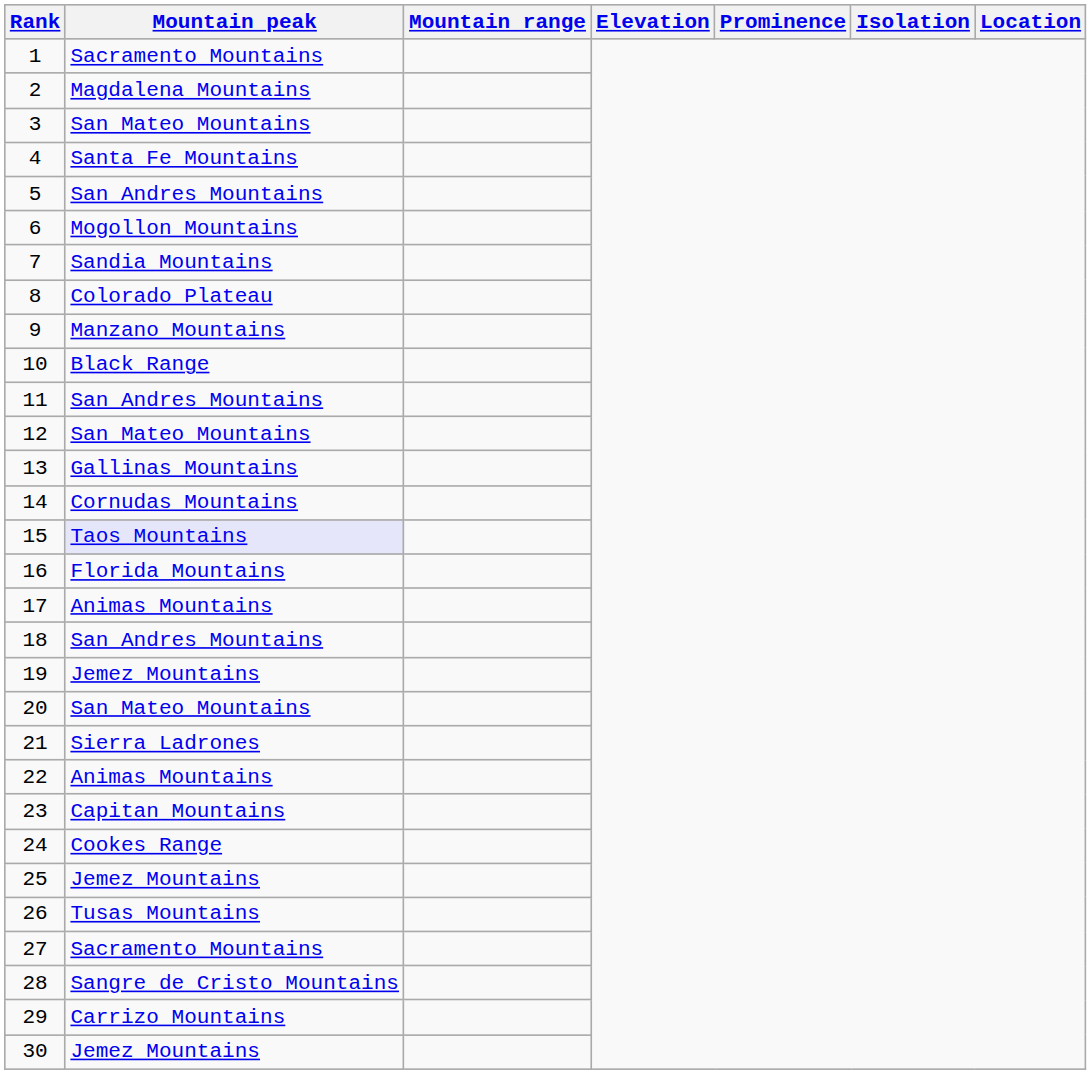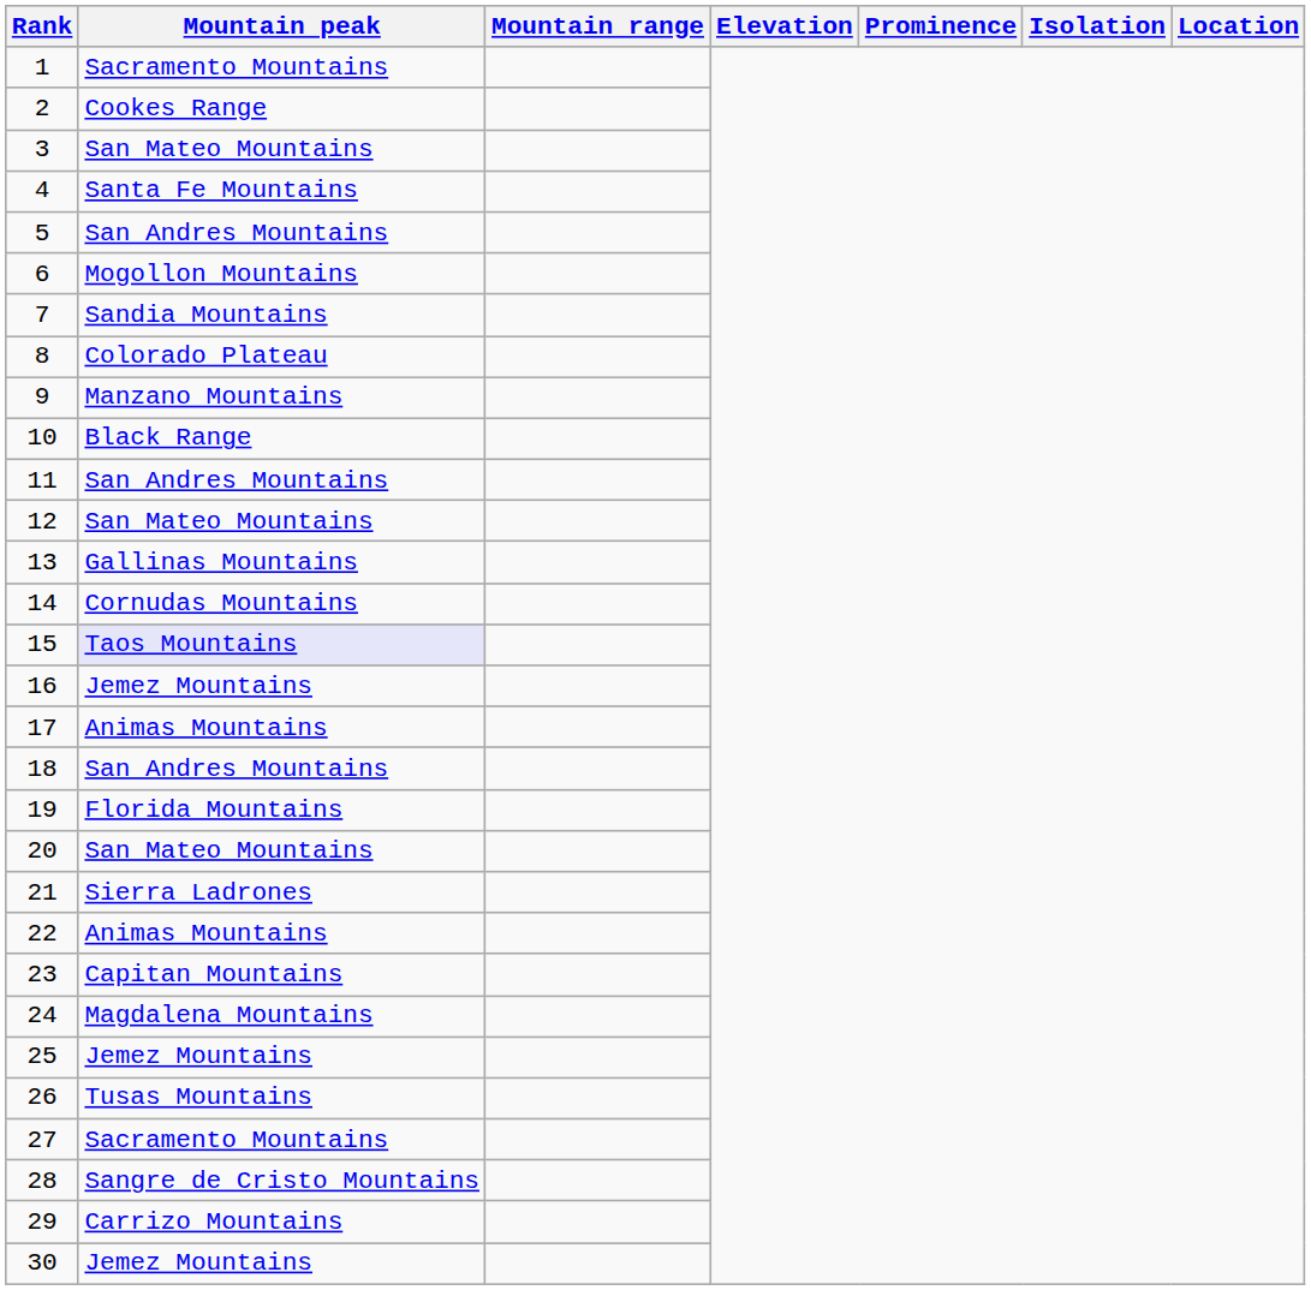 <table class="wikitable sortable">
 <tr>
 <th><a href='#'>Rank</a></th>
 <th><a href='#'>Mountain peak</a></th>
 <th><a href='#'>Mountain range</a></th>
 <th><a href='#'>Elevation</a></th>
 <th><a href='#'>Prominence</a></th>
 <th><a href='#'>Isolation</a></th>
 <th><a href='#'>Location</a></th>
 </tr>
 <tr>
 <td align=center>1<br></td>
 <td><a href='#'>Sacramento Mountains</a><br></td>
 <td></td>
 </tr>
 <tr>
 <td align=center>2<br></td>
-<td><a href='#'>Magdalena Mountains</a><br></td>
+<td><a href='#'>Cookes Range</a><br></td>
 <td></td>
 </tr>
 <tr>
 <td align=center>3<br></td>
 <td><a href='#'>San Mateo Mountains</a><br></td>
 <td></td>
 </tr>
 <tr>
 <td align=center>4<br></td>
 <td><a href='#'>Santa Fe Mountains</a><br></td>
 <td></td>
 </tr>
 <tr>
 <td align=center>5<br></td>
 <td><a href='#'>San Andres Mountains</a><br></td>
 <td></td>
 </tr>
 <tr>
 <td align=center>6<br></td>
 <td><a href='#'>Mogollon Mountains</a><br></td>
 <td></td>
 </tr>
 <tr>
 <td align=center>7<br></td>
 <td><a href='#'>Sandia Mountains</a><br></td>
 <td></td>
 </tr>
 <tr>
 <td align=center>8<br></td>
 <td><a href='#'>Colorado Plateau</a><br></td>
 <td></td>
 </tr>
 <tr>
 <td align=center>9<br></td>
 <td><a href='#'>Manzano Mountains</a><br></td>
 <td></td>
 </tr>
 <tr>
 <td align=center>10<br></td>
 <td><a href='#'>Black Range</a><br></td>
 <td></td>
 </tr>
 <tr>
 <td align=center>11<br></td>
 <td><a href='#'>San Andres Mountains</a><br></td>
 <td></td>
 </tr>
 <tr>
 <td align=center>12<br></td>
 <td><a href='#'>San Mateo Mountains</a><br></td>
 <td></td>
 </tr>
 <tr>
 <td align=center>13<br></td>
 <td><a href='#'>Gallinas Mountains</a><br></td>
 <td></td>
 </tr>
 <tr>
 <td align=center>14<br></td>
 <td><a href='#'>Cornudas Mountains</a><br></td>
 <td></td>
 </tr>
 <tr>
 <td align=center>15<br></td>
 <td style="background: lavender;"><a href='#'>Taos Mountains</a><br></td>
 <td></td>
 </tr>
 <tr>
 <td align=center>16<br></td>
-<td><a href='#'>Florida Mountains</a><br></td>
+<td><a href='#'>Jemez Mountains</a><br></td>
 <td></td>
 </tr>
 <tr>
 <td align=center>17<br></td>
 <td><a href='#'>Animas Mountains</a><br></td>
 <td></td>
 </tr>
 <tr>
 <td align=center>18<br></td>
 <td><a href='#'>San Andres Mountains</a><br></td>
 <td></td>
 </tr>
 <tr>
 <td align=center>19<br></td>
-<td><a href='#'>Jemez Mountains</a><br></td>
+<td><a href='#'>Florida Mountains</a><br></td>
 <td></td>
 </tr>
 <tr>
 <td align=center>20<br></td>
 <td><a href='#'>San Mateo Mountains</a><br></td>
 <td></td>
 </tr>
 <tr>
 <td align=center>21<br></td>
 <td><a href='#'>Sierra Ladrones</a><br></td>
 <td></td>
 </tr>
 <tr>
 <td align=center>22<br></td>
 <td><a href='#'>Animas Mountains</a><br></td>
 <td></td>
 </tr>
 <tr>
 <td align=center>23<br></td>
 <td><a href='#'>Capitan Mountains</a><br></td>
 <td></td>
 </tr>
 <tr>
 <td align=center>24<br></td>
-<td><a href='#'>Cookes Range</a><br></td>
+<td><a href='#'>Magdalena Mountains</a><br></td>
 <td></td>
 </tr>
 <tr>
 <td align=center>25<br></td>
 <td><a href='#'>Jemez Mountains</a><br></td>
 <td></td>
 </tr>
 <tr>
 <td align=center>26<br></td>
 <td><a href='#'>Tusas Mountains</a><br></td>
 <td></td>
 </tr>
 <tr>
 <td align=center>27<br></td>
 <td><a href='#'>Sacramento Mountains</a><br></td>
 <td></td>
 </tr>
 <tr>
 <td align=center>28<br></td>
 <td><a href='#'>Sangre de Cristo Mountains</a><br></td>
 <td></td>
 </tr>
 <tr>
 <td align=center>29<br></td>
 <td><a href='#'>Carrizo Mountains</a><br></td>
 <td></td>
 </tr>
 <tr>
 <td align=center>30<br></td>
 <td><a href='#'>Jemez Mountains</a><br></td>
 <td></td>
 </tr>
 </table>
